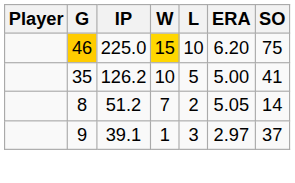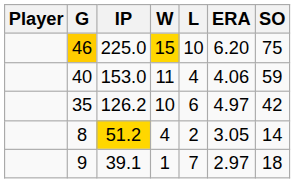 <table class="wikitable sortable" style="text-align:center;">
 <tr>
 <th>Player</th>
 <th>G</th>
 <th>IP</th>
 <th>W</th>
 <th>L</th>
 <th>ERA</th>
 <th>SO</th>
 </tr>
 <tr>
 <td></td>
 <td style="background:#fc0;">46</td>
 <td>225.0</td>
 <td style="background: gold;">15</td>
 <td>10</td>
 <td>6.20</td>
 <td>75</td>
 </tr>
 <tr>
 <td></td>
+<td>40</td>
+<td>153.0</td>
+<td>11</td>
+<td>4</td>
+<td>4.06</td>
+<td>59</td>
+</tr>
+<tr>
+<td></td>
 <td>35</td>
 <td>126.2</td>
 <td>10</td>
-<td>5</td>
-<td>5.00</td>
-<td>41</td>
+<td>6</td>
+<td>4.97</td>
+<td>42</td>
 </tr>
 <tr>
 <td></td>
 <td>8</td>
-<td>51.2</td>
-<td>7</td>
+<td style="background: gold;">51.2</td>
+<td>4</td>
 <td>2</td>
-<td>5.05</td>
+<td>3.05</td>
 <td>14</td>
 </tr>
 <tr>
 <td></td>
 <td>9</td>
 <td>39.1</td>
 <td>1</td>
-<td>3</td>
+<td>7</td>
 <td>2.97</td>
-<td>37</td>
+<td>18</td>
 </tr>
 </table>
